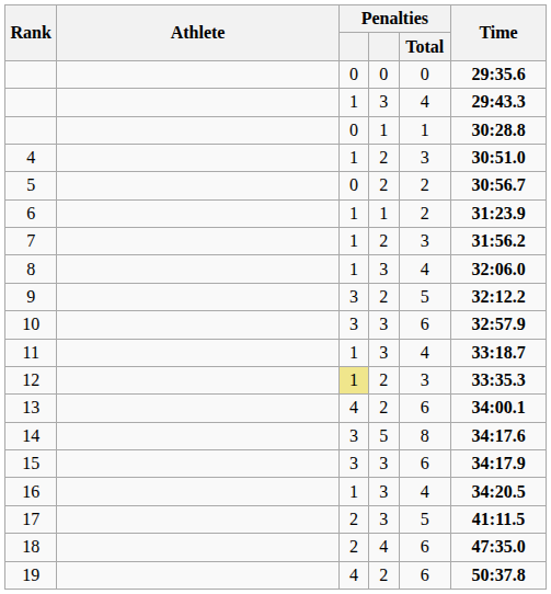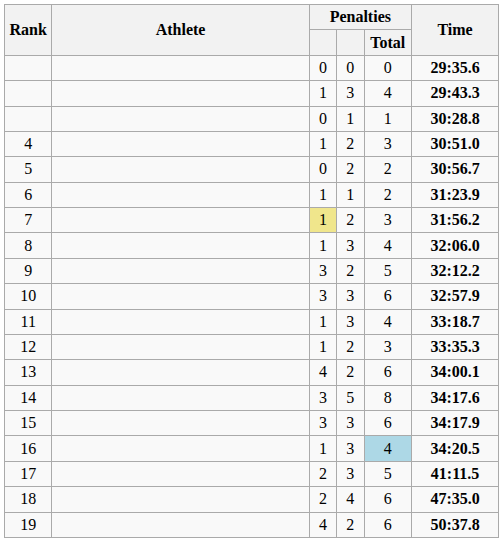 <table class=wikitable style="text-align:center">
 <tr>
 <th rowspan=2 width=40>Rank</th>
 <th rowspan=2 width=250>Athlete</th>
 <th colspan=3>Penalties</th>
 <th rowspan=2 width=80>Time</th>
 </tr>
 <tr>
 <th width=20></th>
 <th width=20></th>
 <th width=40>Total</th>
 </tr>
 <tr>
 <td></td>
 <td align=left></td>
 <td>0</td>
 <td>0</td>
 <td>0</td>
 <td><strong>29:35.6</strong></td>
 </tr>
 <tr>
 <td></td>
 <td align=left></td>
 <td>1</td>
 <td>3</td>
 <td>4</td>
 <td><strong>29:43.3</strong></td>
 </tr>
 <tr>
 <td></td>
 <td align=left></td>
 <td>0</td>
 <td>1</td>
 <td>1</td>
 <td><strong>30:28.8</strong></td>
 </tr>
 <tr>
 <td>4</td>
 <td align=left></td>
 <td>1</td>
 <td>2</td>
 <td>3</td>
 <td><strong>30:51.0</strong></td>
 </tr>
 <tr>
 <td>5</td>
 <td align=left></td>
 <td>0</td>
 <td>2</td>
 <td>2</td>
 <td><strong>30:56.7</strong></td>
 </tr>
 <tr>
 <td>6</td>
 <td align=left></td>
 <td>1</td>
 <td>1</td>
 <td>2</td>
 <td><strong>31:23.9</strong></td>
 </tr>
 <tr>
 <td>7</td>
 <td align=left></td>
-<td>1</td>
+<td style="background: khaki;">1</td>
 <td>2</td>
 <td>3</td>
 <td><strong>31:56.2</strong></td>
 </tr>
 <tr>
 <td>8</td>
 <td align=left></td>
 <td>1</td>
 <td>3</td>
 <td>4</td>
 <td><strong>32:06.0</strong></td>
 </tr>
 <tr>
 <td>9</td>
 <td align=left></td>
 <td>3</td>
 <td>2</td>
 <td>5</td>
 <td><strong>32:12.2</strong></td>
 </tr>
 <tr>
 <td>10</td>
 <td align=left></td>
 <td>3</td>
 <td>3</td>
 <td>6</td>
 <td><strong>32:57.9</strong></td>
 </tr>
 <tr>
 <td>11</td>
 <td align=left></td>
 <td>1</td>
 <td>3</td>
 <td>4</td>
 <td><strong>33:18.7</strong></td>
 </tr>
 <tr>
 <td>12</td>
 <td align=left></td>
-<td style="background: khaki;">1</td>
+<td>1</td>
 <td>2</td>
 <td>3</td>
 <td><strong>33:35.3</strong></td>
 </tr>
 <tr>
 <td>13</td>
 <td align=left></td>
 <td>4</td>
 <td>2</td>
 <td>6</td>
 <td><strong>34:00.1</strong></td>
 </tr>
 <tr>
 <td>14</td>
 <td align=left></td>
 <td>3</td>
 <td>5</td>
 <td>8</td>
 <td><strong>34:17.6</strong></td>
 </tr>
 <tr>
 <td>15</td>
 <td align=left></td>
 <td>3</td>
 <td>3</td>
 <td>6</td>
 <td><strong>34:17.9</strong></td>
 </tr>
 <tr>
 <td>16</td>
 <td align=left></td>
 <td>1</td>
 <td>3</td>
-<td>4</td>
+<td style="background: lightblue;">4</td>
 <td><strong>34:20.5</strong></td>
 </tr>
 <tr>
 <td>17</td>
 <td align=left></td>
 <td>2</td>
 <td>3</td>
 <td>5</td>
 <td><strong>41:11.5</strong></td>
 </tr>
 <tr>
 <td>18</td>
 <td align=left></td>
 <td>2</td>
 <td>4</td>
 <td>6</td>
 <td><strong>47:35.0</strong></td>
 </tr>
 <tr>
 <td>19</td>
 <td align=left></td>
 <td>4</td>
 <td>2</td>
 <td>6</td>
 <td><strong>50:37.8</strong></td>
 </tr>
 </table>
